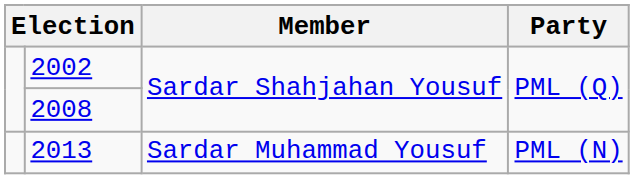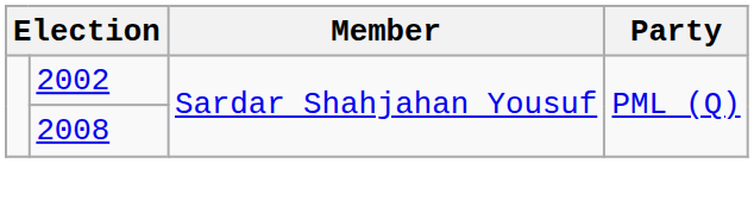 <table class="wikitable">
 <tr>
 <th colspan="2">Election</th>
 <th>Member</th>
 <th>Party</th>
 </tr>
 <tr>
 <td rowspan=2 style="background-color: "></td>
 <td><a href='#'>2002</a></td>
 <td rowspan=2><a href='#'>Sardar Shahjahan Yousuf</a></td>
 <td rowspan=2><a href='#'>PML (Q)</a></td>
 </tr>
 <tr>
 <td><a href='#'>2008</a></td>
 </tr>
-<tr>
-<td style="background-color: "></td>
-<td><a href='#'>2013</a></td>
-<td><a href='#'>Sardar Muhammad Yousuf</a></td>
-<td><a href='#'>PML (N)</a></td>
-</tr>
 </table>
